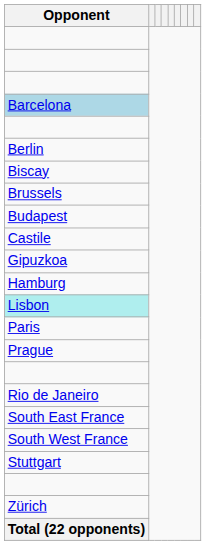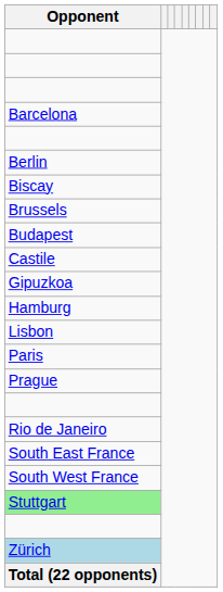 <table class="wikitable" style="text-align:center">
 <tr>
 <th>Opponent</th>
 <th></th>
 <th></th>
 <th></th>
 <th></th>
 <th></th>
 <th></th>
 <th></th>
 <th></th>
 </tr>
 <tr>
 <td style="text-align:left;"><br></td>
 </tr>
 <tr>
 <td style="text-align:left;"><br></td>
 </tr>
 <tr>
 <td style="text-align:left;"><br></td>
 </tr>
 <tr>
-<td style="background: lightblue; text-align:left;"> <a href='#'>Barcelona</a><br></td>
+<td style="text-align:left;"> <a href='#'>Barcelona</a><br></td>
 </tr>
 <tr>
 <td style="text-align:left;"><br></td>
 </tr>
 <tr>
 <td style="text-align:left;"> <a href='#'>Berlin</a><br></td>
 </tr>
 <tr>
 <td style="text-align:left;"> <a href='#'>Biscay</a><br></td>
 </tr>
 <tr>
 <td style="text-align:left;"> <a href='#'>Brussels</a><br></td>
 </tr>
 <tr>
 <td style="text-align:left;"> <a href='#'>Budapest</a><br></td>
 </tr>
 <tr>
 <td style="text-align:left;"> <a href='#'>Castile</a><br></td>
 </tr>
 <tr>
 <td style="text-align:left;"> <a href='#'>Gipuzkoa</a><br></td>
 </tr>
 <tr>
 <td style="text-align:left;"> <a href='#'>Hamburg</a><br></td>
 </tr>
 <tr>
-<td style="background: paleturquoise; text-align:left;"> <a href='#'>Lisbon</a><br></td>
+<td style="text-align:left;"> <a href='#'>Lisbon</a><br></td>
 </tr>
 <tr>
 <td style="text-align:left;"> <a href='#'>Paris</a><br></td>
 </tr>
 <tr>
 <td style="text-align:left;"> <a href='#'>Prague</a><br></td>
 </tr>
 <tr>
 <td style="text-align:left;"><br></td>
 </tr>
 <tr>
 <td style="text-align:left;"> <a href='#'>Rio de Janeiro</a><br></td>
 </tr>
 <tr>
 <td style="text-align:left;"> <a href='#'>South East France</a><br></td>
 </tr>
 <tr>
 <td style="text-align:left;"> <a href='#'>South West France</a><br></td>
 </tr>
 <tr>
-<td style="text-align:left;"> <a href='#'>Stuttgart</a><br></td>
+<td style="background: lightgreen; text-align:left;"> <a href='#'>Stuttgart</a><br></td>
 </tr>
 <tr>
 <td style="text-align:left;"><br></td>
 </tr>
 <tr>
-<td style="text-align:left;"> <a href='#'>Zürich</a><br></td>
+<td style="background: lightblue; text-align:left;"> <a href='#'>Zürich</a><br></td>
 </tr>
 <tr class="sortbottom">
 <th>Total (22 opponents)<br></th>
 </tr>
 </table>
